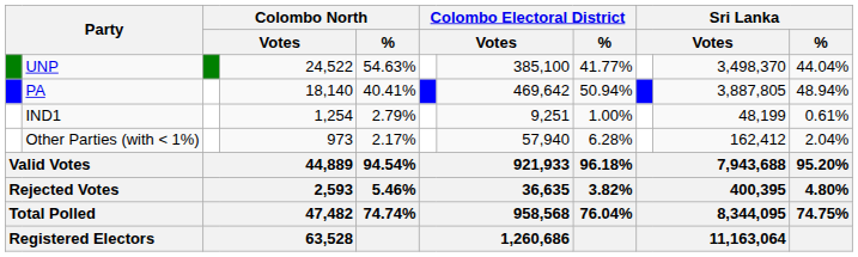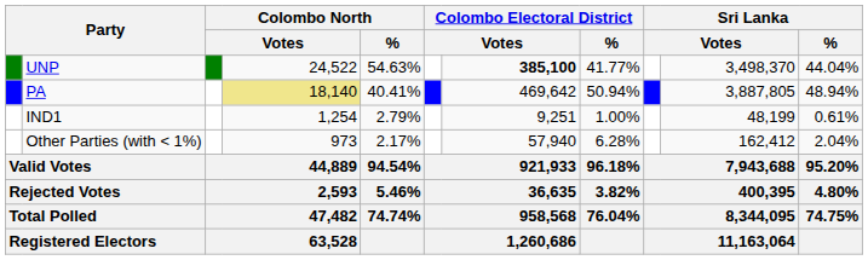 <table class="wikitable">
 <tr>
 <th colspan="2" width="144px"rowspan="2">Party</th>
 <th colspan="3" width="216px">Colombo North</th>
 <th colspan="3" width="216px"><a href='#'>Colombo Electoral District</a></th>
 <th colspan="3" width="216px">Sri Lanka</th>
 </tr>
 <tr>
 <th colspan="2" width="144px">Votes</th>
 <th>%</th>
 <th colspan="2" width="144px">Votes</th>
 <th>%</th>
 <th colspan="2" width="144px">Votes</th>
 <th>%</th>
 </tr>
 <tr>
 <td style="background-color:green;" width="10px"></td>
 <td style="text-align:left;"><a href='#'>UNP</a></td>
 <td style="background-color:green;" width="10px"></td>
 <td style="text-align:right;">24,522</td>
 <td style="text-align:right;">54.63%</td>
 <td style="background-color:white;" width="10px"></td>
-<td style="text-align:right;">385,100</td>
+<td style="text-align:right;"><strong>385,100</strong></td>
 <td style="text-align:right;">41.77%</td>
 <td style="background-color:white;" width="10px"></td>
 <td style="text-align:right;">3,498,370</td>
 <td style="text-align:right;">44.04%</td>
 </tr>
 <tr>
 <td style="background-color:blue;" width="10px"></td>
 <td style="text-align:left;"><a href='#'>PA</a></td>
 <td style="background-color:white;" width="10px"></td>
-<td style="text-align:right;">18,140</td>
+<td style="background: khaki; text-align:right;">18,140</td>
 <td style="text-align:right;">40.41%</td>
 <td style="background-color:blue;" width="10px"></td>
 <td style="text-align:right;">469,642</td>
 <td style="text-align:right;">50.94%</td>
 <td style="background-color:blue;" width="10px"></td>
 <td style="text-align:right;">3,887,805</td>
 <td style="text-align:right;">48.94%</td>
 </tr>
 <tr>
 <td style="background-color:white;" width="10px"></td>
 <td style="text-align:left;">IND1</td>
 <td style="background-color:white;" width="10px"></td>
 <td style="text-align:right;">1,254</td>
 <td style="text-align:right;">2.79%</td>
 <td style="background-color:white;" width="10px"></td>
 <td style="text-align:right;">9,251</td>
 <td style="text-align:right;">1.00%</td>
 <td style="background-color:white;" width="10px"></td>
 <td style="text-align:right;">48,199</td>
 <td style="text-align:right;">0.61%</td>
 </tr>
 <tr>
 <td style="background-color:white;" width="10px"></td>
 <td style="text-align:left;">Other Parties (with < 1%)</td>
 <td style="background-color:white;" width="10px"></td>
 <td style="text-align:right;">973</td>
 <td style="text-align:right;">2.17%</td>
 <td style="background-color:white;" width="10px"></td>
 <td style="text-align:right;">57,940</td>
 <td style="text-align:right;">6.28%</td>
 <td style="background-color:white;" width="10px"></td>
 <td style="text-align:right;">162,412</td>
 <td style="text-align:right;">2.04%</td>
 </tr>
 <tr>
 <th colspan="2" width="144px"style="text-align:left;">Valid Votes</th>
 <th style="text-align:right;"colspan="2" width="144px">44,889</th>
 <th style="text-align:right;">94.54%</th>
 <th style="text-align:right;"colspan="2" width="144px">921,933</th>
 <th style="text-align:right;">96.18%</th>
 <th style="text-align:right;"colspan="2" width="144px">7,943,688</th>
 <th style="text-align:right;">95.20%</th>
 </tr>
 <tr>
 <th colspan="2" width="144px"style="text-align:left;">Rejected Votes</th>
 <th style="text-align:right;"colspan="2" width="144px">2,593</th>
 <th style="text-align:right;">5.46%</th>
 <th style="text-align:right;"colspan="2" width="144px">36,635</th>
 <th style="text-align:right;">3.82%</th>
 <th style="text-align:right;"colspan="2" width="144px">400,395</th>
 <th style="text-align:right;">4.80%</th>
 </tr>
 <tr>
 <th colspan="2" width="144px"style="text-align:left;">Total Polled</th>
 <th style="text-align:right;"colspan="2" width="144px">47,482</th>
 <th style="text-align:right;">74.74%</th>
 <th style="text-align:right;"colspan="2" width="144px">958,568</th>
 <th style="text-align:right;">76.04%</th>
 <th style="text-align:right;"colspan="2" width="144px">8,344,095</th>
 <th style="text-align:right;">74.75%</th>
 </tr>
 <tr>
 <th colspan="2" width="144px"style="text-align:left;">Registered Electors</th>
 <th style="text-align:right;"colspan="2" width="144px">63,528</th>
 <th></th>
 <th style="text-align:right;"colspan="2" width="144px">1,260,686</th>
 <th></th>
 <th style="text-align:right;"colspan="2" width="144px">11,163,064</th>
 <th></th>
 </tr>
 </table>
